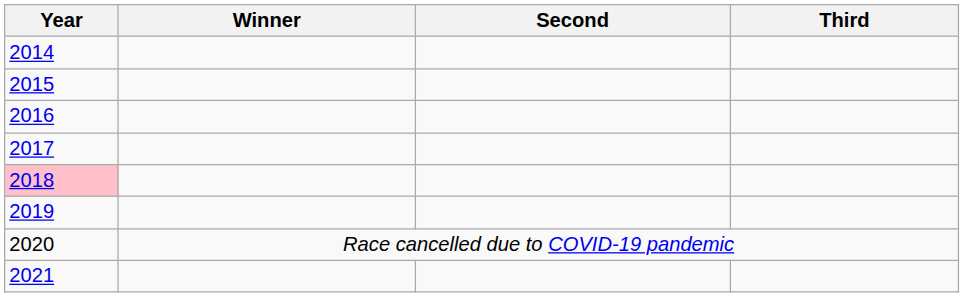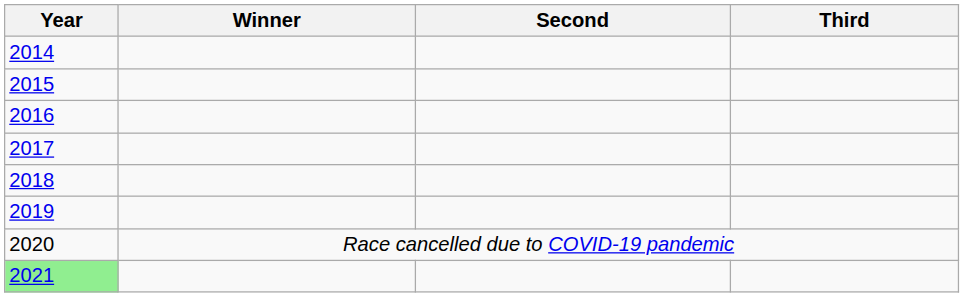 <table class="wikitable" style="font-size:100%" width=60%>
 <tr>
 <th>Year</th>
 <th>Winner</th>
 <th>Second</th>
 <th>Third</th>
 </tr>
 <tr>
 <td><a href='#'>2014</a></td>
 <td></td>
 <td></td>
 <td></td>
 </tr>
 <tr>
 <td><a href='#'>2015</a></td>
 <td></td>
 <td></td>
 <td></td>
 </tr>
 <tr>
 <td><a href='#'>2016</a></td>
 <td></td>
 <td></td>
 <td></td>
 </tr>
 <tr>
 <td><a href='#'>2017</a></td>
 <td></td>
 <td></td>
 <td></td>
 </tr>
 <tr>
-<td style="background: pink;"><a href='#'>2018</a></td>
+<td><a href='#'>2018</a></td>
 <td></td>
 <td></td>
 <td></td>
 </tr>
 <tr>
 <td><a href='#'>2019</a></td>
 <td></td>
 <td></td>
 <td></td>
 </tr>
 <tr>
 <td>2020</td>
 <td align=center colspan=3><em>Race cancelled due to <a href='#'>COVID-19 pandemic</a></em></td>
 </tr>
 <tr>
-<td><a href='#'>2021</a></td>
+<td style="background: lightgreen;"><a href='#'>2021</a></td>
 <td></td>
 <td></td>
 <td></td>
 </tr>
 </table>
